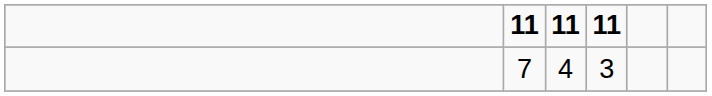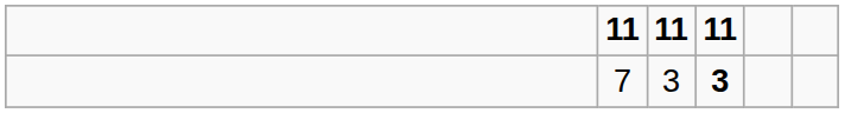 <table class="wikitable">
 <tr>
 <td style="width:18em"><strong></strong></td>
 <td align=center style="width:1em"><strong>11</strong></td>
 <td align=center style="width:1em"><strong>11</strong></td>
 <td align=center style="width:1em"><strong>11</strong></td>
 <td align=center style="width:1em"></td>
 <td align=center style="width:1em"></td>
 </tr>
 <tr>
 <td style="width:18em"></td>
 <td align=center style="width:1em">7</td>
-<td align=center style="width:1em">4</td>
 <td align=center style="width:1em">3</td>
+<td align=center style="width:1em"><strong>3</strong></td>
 <td align=center style="width:1em"></td>
 <td align=center style="width:1em"></td>
 </tr>
 </table>
